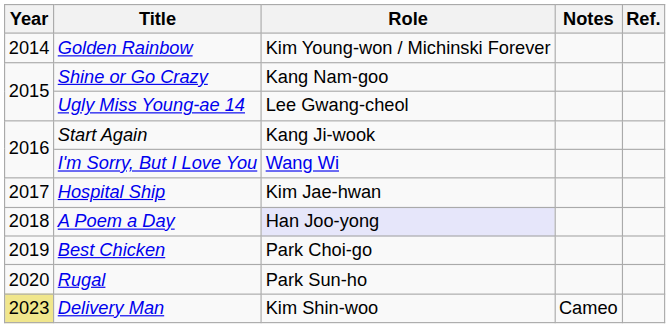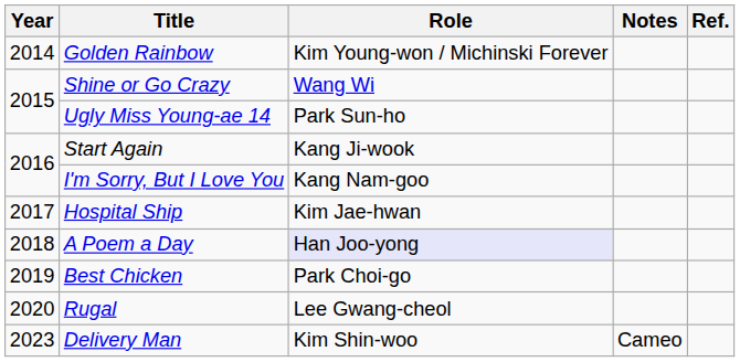 <table class="wikitable">
 <tr>
 <th>Year</th>
 <th>Title</th>
 <th>Role</th>
 <th>Notes</th>
 <th>Ref.</th>
 </tr>
 <tr>
 <td>2014</td>
 <td><em><a href='#'>Golden Rainbow</a></em></td>
 <td>Kim Young-won /  Michinski Forever</td>
 <td></td>
 <td></td>
 </tr>
 <tr>
 <td rowspan=2>2015</td>
 <td><em><a href='#'>Shine or Go Crazy</a></em></td>
-<td>Kang Nam-goo</td>
+<td><a href='#'>Wang Wi</a></td>
 <td></td>
 <td></td>
 </tr>
 <tr>
 <td><em><a href='#'>Ugly Miss Young-ae 14</a></em></td>
-<td>Lee Gwang-cheol</td>
+<td>Park Sun-ho</td>
 <td></td>
 <td></td>
 </tr>
 <tr>
 <td rowspan=2>2016</td>
 <td><em>Start Again</em></td>
 <td>Kang Ji-wook</td>
 <td></td>
 <td></td>
 </tr>
 <tr>
 <td><em><a href='#'>I'm Sorry, But I Love You</a></em></td>
-<td><a href='#'>Wang Wi</a></td>
+<td>Kang Nam-goo</td>
 <td></td>
 <td></td>
 </tr>
 <tr>
 <td>2017</td>
 <td><a href='#'><em>Hospital Ship</em></a></td>
 <td>Kim Jae-hwan</td>
 <td></td>
 <td></td>
 </tr>
 <tr>
 <td>2018</td>
 <td><em><a href='#'>A Poem a Day</a></em></td>
 <td style="background: lavender;">Han Joo-yong</td>
 <td></td>
 <td></td>
 </tr>
 <tr>
 <td>2019</td>
 <td><em><a href='#'>Best Chicken</a></em></td>
 <td>Park Choi-go</td>
 <td></td>
 <td></td>
 </tr>
 <tr>
 <td>2020</td>
 <td><em><a href='#'>Rugal</a></em></td>
-<td>Park Sun-ho</td>
+<td>Lee Gwang-cheol</td>
 <td></td>
 <td></td>
 </tr>
 <tr>
-<td style="background: khaki;">2023</td>
+<td>2023</td>
 <td><em><a href='#'>Delivery Man</a></em></td>
 <td>Kim Shin-woo</td>
 <td>Cameo</td>
 <td></td>
 </tr>
 </table>
